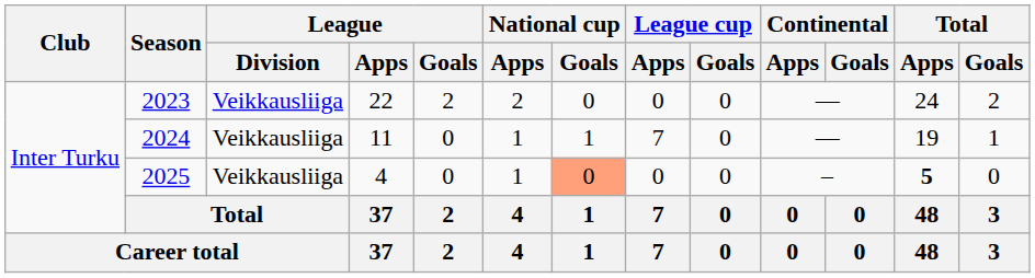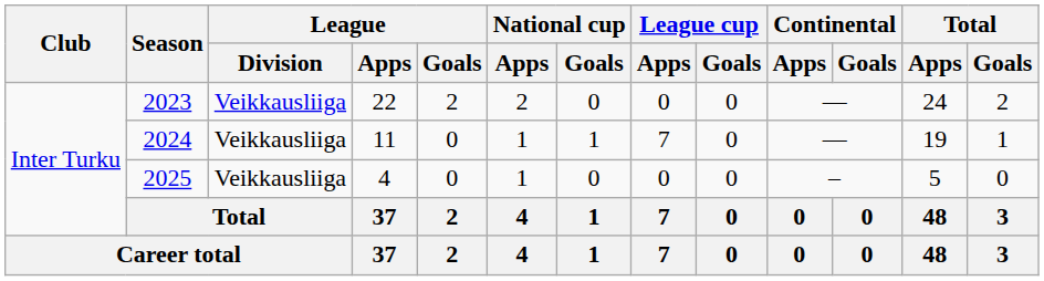 <table class="wikitable" style="text-align:center">
 <tr>
 <th rowspan="2">Club</th>
 <th rowspan="2">Season</th>
 <th colspan="3">League</th>
 <th colspan="2">National cup</th>
 <th colspan="2"><a href='#'>League cup</a></th>
 <th colspan="2">Continental</th>
 <th colspan="2">Total</th>
 </tr>
 <tr>
 <th>Division</th>
 <th>Apps</th>
 <th>Goals</th>
 <th>Apps</th>
 <th>Goals</th>
 <th>Apps</th>
 <th>Goals</th>
 <th>Apps</th>
 <th>Goals</th>
 <th>Apps</th>
 <th>Goals</th>
 </tr>
 <tr>
 <td rowspan="4"><a href='#'>Inter Turku</a></td>
 <td><a href='#'>2023</a></td>
 <td><a href='#'>Veikkausliiga</a></td>
 <td>22</td>
 <td>2</td>
 <td>2</td>
 <td>0</td>
 <td>0</td>
 <td>0</td>
 <td colspan="2">—</td>
 <td>24</td>
 <td>2</td>
 </tr>
 <tr>
 <td><a href='#'>2024</a></td>
 <td>Veikkausliiga</td>
 <td>11</td>
 <td>0</td>
 <td>1</td>
 <td>1</td>
 <td>7</td>
 <td>0</td>
 <td colspan="2">—</td>
 <td>19</td>
 <td>1</td>
 </tr>
 <tr>
 <td><a href='#'>2025</a></td>
 <td>Veikkausliiga</td>
 <td>4</td>
 <td>0</td>
 <td>1</td>
-<td style="background: lightsalmon;">0</td>
+<td>0</td>
 <td>0</td>
 <td>0</td>
 <td colspan=2>–</td>
-<td><strong>5</strong></td>
+<td>5</td>
 <td>0</td>
 </tr>
 <tr>
 <th colspan="2">Total</th>
 <th>37</th>
 <th>2</th>
 <th>4</th>
 <th>1</th>
 <th>7</th>
 <th>0</th>
 <th>0</th>
 <th>0</th>
 <th>48</th>
 <th>3</th>
 </tr>
 <tr>
 <th colspan="3">Career total</th>
 <th>37</th>
 <th>2</th>
 <th>4</th>
 <th>1</th>
 <th>7</th>
 <th>0</th>
 <th>0</th>
 <th>0</th>
 <th>48</th>
 <th>3</th>
 </tr>
 </table>
